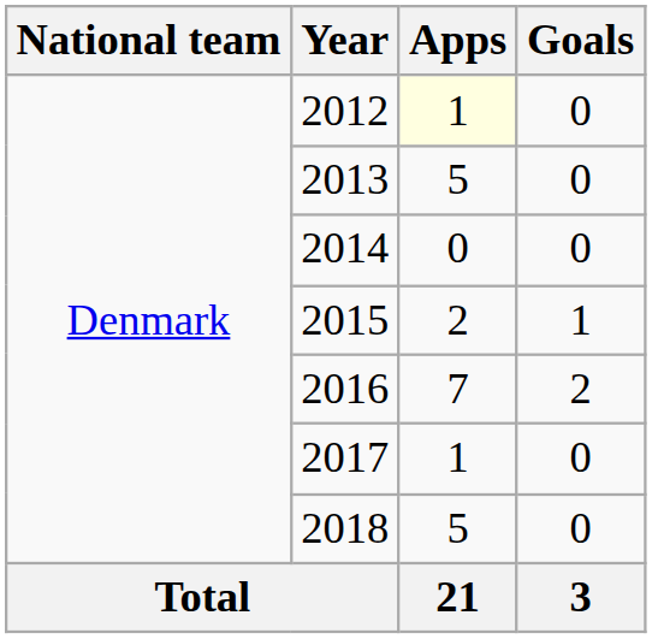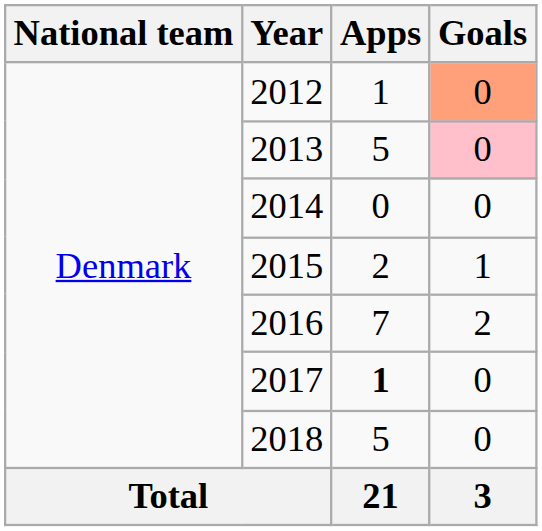 <table class="wikitable" style="text-align:center">
 <tr>
 <th>National team</th>
 <th>Year</th>
 <th>Apps</th>
 <th>Goals</th>
 </tr>
 <tr>
 <td rowspan="7"><a href='#'>Denmark</a></td>
 <td>2012</td>
-<td style="background: lightyellow;">1</td>
-<td>0</td>
+<td>1</td>
+<td style="background: lightsalmon;">0</td>
 </tr>
 <tr>
 <td>2013</td>
 <td>5</td>
-<td>0</td>
+<td style="background: pink;">0</td>
 </tr>
 <tr>
 <td>2014</td>
 <td>0</td>
 <td>0</td>
 </tr>
 <tr>
 <td>2015</td>
 <td>2</td>
 <td>1</td>
 </tr>
 <tr>
 <td>2016</td>
 <td>7</td>
 <td>2</td>
 </tr>
 <tr>
 <td>2017</td>
-<td>1</td>
+<td><strong>1</strong></td>
 <td>0</td>
 </tr>
 <tr>
 <td>2018</td>
 <td>5</td>
 <td>0</td>
 </tr>
 <tr>
 <th colspan="2">Total</th>
 <th>21</th>
 <th>3</th>
 </tr>
 </table>
